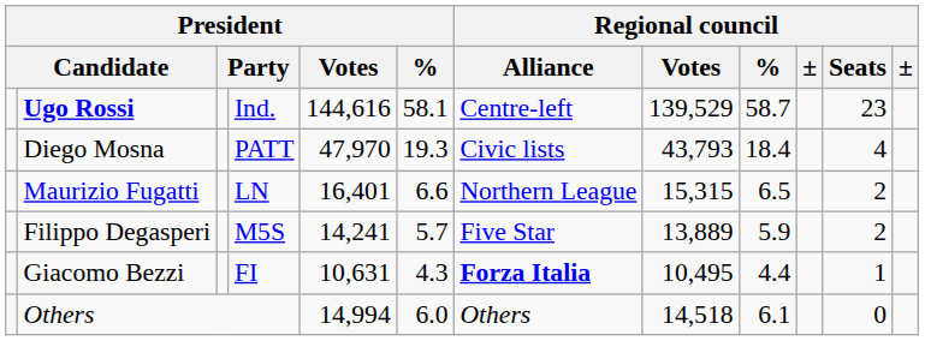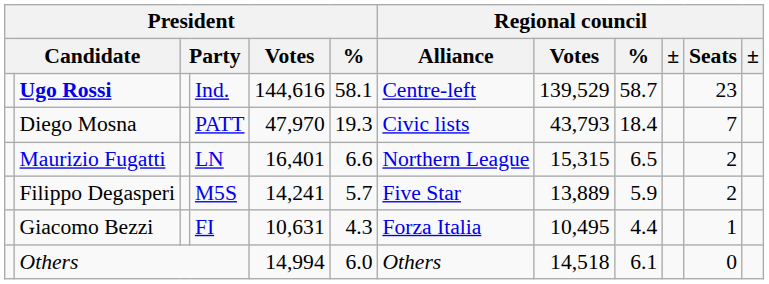 <table class="wikitable" style="text-align:right">
 <tr>
 <th colspan="6">President</th>
 <th colspan="6">Regional council</th>
 </tr>
 <tr>
 <th colspan="2">Candidate</th>
 <th colspan="2">Party</th>
 <th>Votes</th>
 <th>%</th>
 <th>Alliance</th>
 <th>Votes</th>
 <th>%</th>
 <th>±</th>
 <th>Seats</th>
 <th>±</th>
 </tr>
 <tr>
 <td></td>
 <td style="text-align:left"><strong><a href='#'>Ugo Rossi</a></strong></td>
 <td></td>
 <td style="text-align:left"><a href='#'>Ind.</a></td>
 <td>144,616</td>
 <td>58.1</td>
 <td style="text-align:left"><a href='#'>Centre-left</a></td>
 <td>139,529</td>
 <td>58.7</td>
 <td></td>
 <td>23</td>
 <td></td>
 </tr>
 <tr>
 <td></td>
 <td style="text-align:left">Diego Mosna</td>
 <td></td>
 <td style="text-align:left"><a href='#'>PATT</a></td>
 <td>47,970</td>
 <td>19.3</td>
 <td style="text-align:left"><a href='#'>Civic lists</a></td>
 <td>43,793</td>
 <td>18.4</td>
 <td></td>
-<td>4</td>
+<td>7</td>
 <td></td>
 </tr>
 <tr>
 <td></td>
 <td style="text-align:left"><a href='#'>Maurizio Fugatti</a></td>
 <td></td>
 <td style="text-align:left"><a href='#'>LN</a></td>
 <td>16,401</td>
 <td>6.6</td>
 <td style="text-align:left"><a href='#'>Northern League</a></td>
 <td>15,315</td>
 <td>6.5</td>
 <td></td>
 <td>2</td>
 <td></td>
 </tr>
 <tr>
 <td></td>
 <td style="text-align:left">Filippo Degasperi</td>
 <td></td>
 <td style="text-align:left"><a href='#'>M5S</a></td>
 <td>14,241</td>
 <td>5.7</td>
 <td style="text-align:left"><a href='#'>Five Star</a></td>
 <td>13,889</td>
 <td>5.9</td>
 <td></td>
 <td>2</td>
 <td></td>
 </tr>
 <tr>
 <td></td>
 <td style="text-align:left">Giacomo Bezzi</td>
 <td></td>
 <td style="text-align:left"><a href='#'>FI</a></td>
 <td>10,631</td>
 <td>4.3</td>
-<td style="text-align:left"><strong><a href='#'>Forza Italia</a></strong></td>
+<td style="text-align:left"><a href='#'>Forza Italia</a></td>
 <td>10,495</td>
 <td>4.4</td>
 <td></td>
 <td>1</td>
 <td></td>
 </tr>
 <tr>
 <td></td>
 <td colspan="3" style="text-align:left"><em>Others</em></td>
 <td>14,994</td>
 <td>6.0</td>
 <td style="text-align:left"><em>Others</em></td>
 <td>14,518</td>
 <td>6.1</td>
 <td></td>
 <td>0</td>
 <td></td>
 </tr>
 </table>
